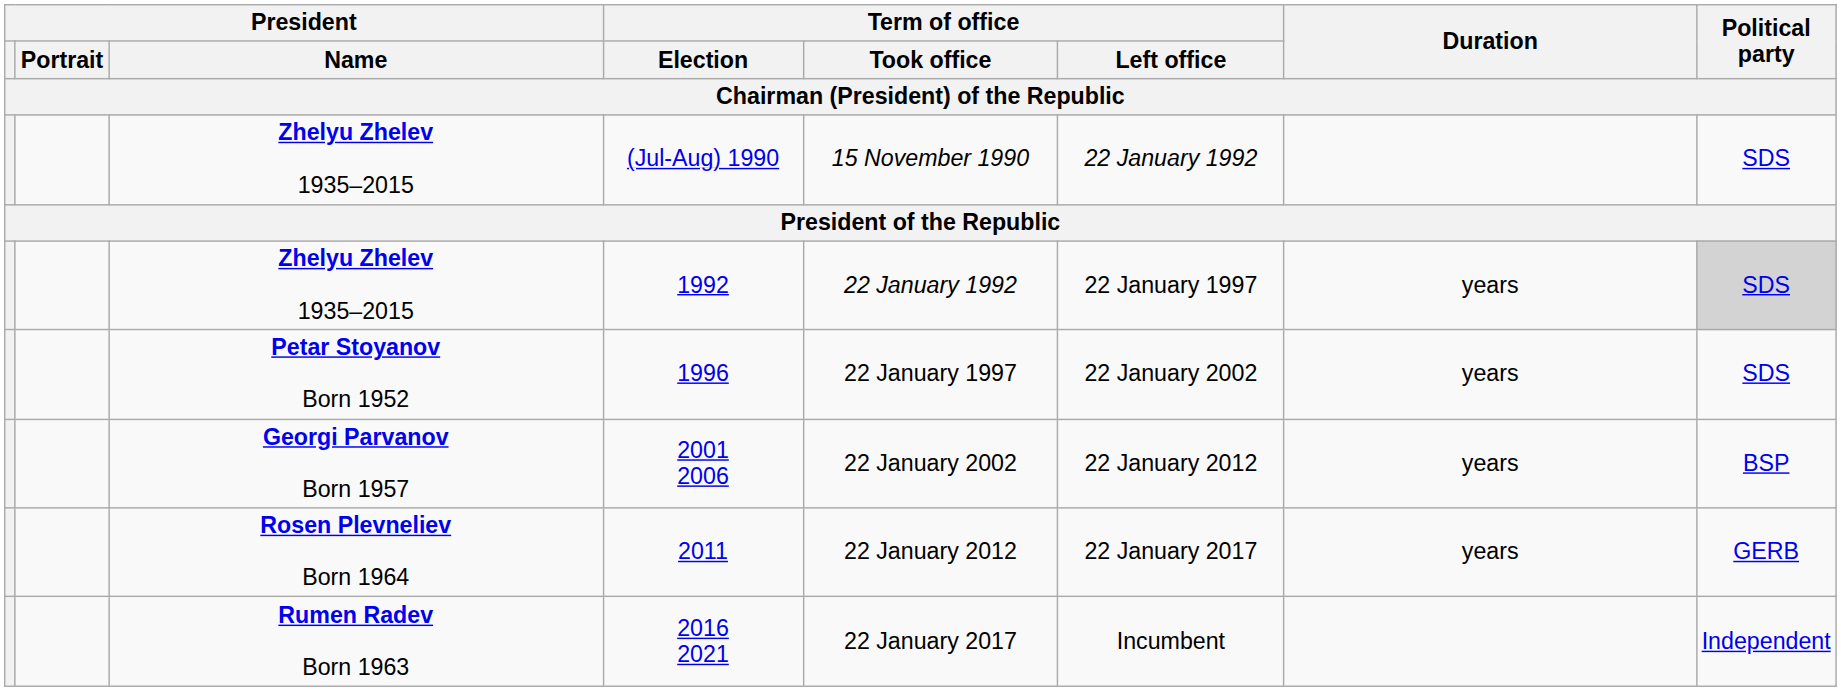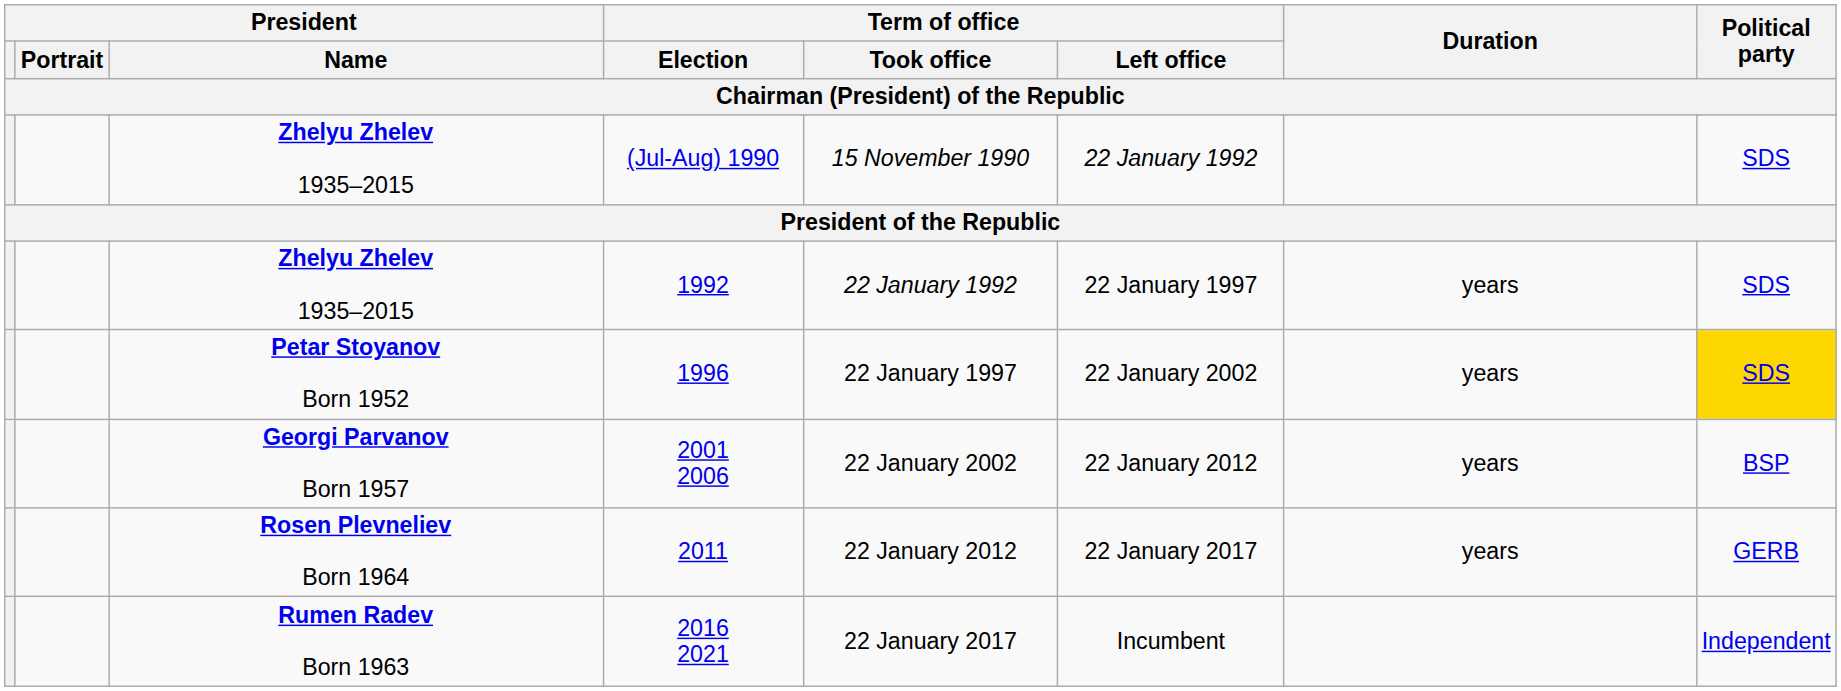 <table class="wikitable" style="text-align:center; width:100%">
 <tr>
 <th width=35% colspan=3>President</th>
 <th width=40% colspan=3>Term of office</th>
 <th width=25% rowspan=2>Duration</th>
 <th width=25% rowspan=2>Political party</th>
 </tr>
 <tr>
 <th></th>
 <th>Portrait</th>
 <th width=30%>Name<br></th>
 <th>Election</th>
 <th>Took office</th>
 <th>Left office</th>
 </tr>
 <tr>
 <th colspan=9>Chairman (President) of the Republic</th>
 </tr>
 <tr>
 <th style="background:"></th>
 <td></td>
 <td><strong><a href='#'>Zhelyu Zhelev</a></strong><br><br>1935–2015<br></td>
 <td><a href='#'>(Jul-Aug) 1990</a></td>
 <td><em>15 November 1990</em></td>
 <td><em>22 January 1992</em></td>
 <td></td>
 <td><a href='#'>SDS</a></td>
 </tr>
 <tr>
 <th colspan=9>President of the Republic</th>
 </tr>
 <tr>
 <th style="background:"></th>
 <td></td>
 <td><strong><a href='#'>Zhelyu Zhelev</a></strong><br><br>1935–2015<br></td>
 <td><a href='#'>1992</a></td>
 <td><em>22 January 1992</em></td>
 <td>22 January 1997</td>
 <td> years</td>
-<td style="background: lightgrey;"><a href='#'>SDS</a></td>
+<td><a href='#'>SDS</a></td>
 </tr>
 <tr>
 <th style="background:"></th>
 <td></td>
 <td><strong><a href='#'>Petar Stoyanov</a></strong><br><br>Born 1952<br></td>
 <td><a href='#'>1996</a></td>
 <td>22 January 1997</td>
 <td>22 January 2002</td>
 <td> years</td>
-<td><a href='#'>SDS</a></td>
+<td style="background: gold;"><a href='#'>SDS</a></td>
 </tr>
 <tr>
 <th style="background:"></th>
 <td></td>
 <td><strong><a href='#'>Georgi Parvanov</a></strong><br><br>Born 1957<br></td>
 <td><a href='#'>2001</a><br><a href='#'>2006</a></td>
 <td>22 January 2002</td>
 <td>22 January 2012</td>
 <td> years</td>
 <td><a href='#'>BSP</a></td>
 </tr>
 <tr>
 <th style="background:"></th>
 <td></td>
 <td><strong><a href='#'>Rosen Plevneliev</a></strong><br><br>Born 1964<br></td>
 <td><a href='#'>2011</a></td>
 <td>22 January 2012</td>
 <td>22 January 2017</td>
 <td> years</td>
 <td><a href='#'>GERB</a></td>
 </tr>
 <tr>
 <th style="background:"></th>
 <td></td>
 <td><strong><a href='#'>Rumen Radev</a></strong><br><br>Born 1963<br></td>
 <td><a href='#'>2016</a><br><a href='#'>2021</a></td>
 <td>22 January 2017</td>
 <td>Incumbent</td>
 <td></td>
 <td><a href='#'>Independent</a><br></td>
 </tr>
 </table>
